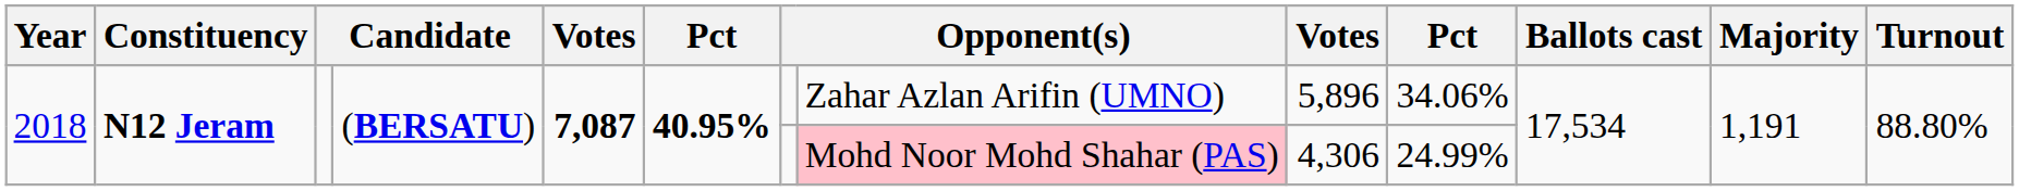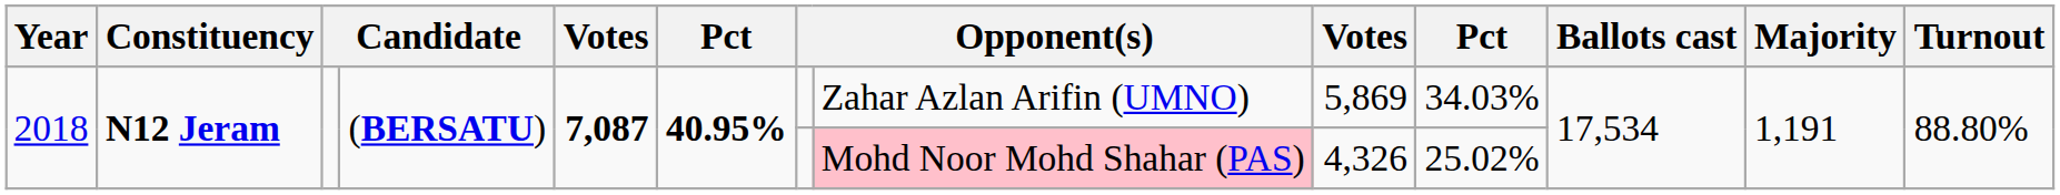 <table class="wikitable" style="margin:0.5em ; font-size:95%">
 <tr>
 <th>Year</th>
 <th>Constituency</th>
 <th colspan=2>Candidate</th>
 <th>Votes</th>
 <th>Pct</th>
 <th colspan=2>Opponent(s)</th>
 <th>Votes</th>
 <th>Pct</th>
 <th>Ballots cast</th>
 <th>Majority</th>
 <th>Turnout</th>
 </tr>
 <tr>
 <td rowspan=2><a href='#'>2018</a></td>
 <td rowspan=2><strong>N12 <a href='#'>Jeram</a></strong></td>
 <td rowspan=2 ></td>
 <td rowspan=2> (<a href='#'><strong>BERSATU</strong></a>)</td>
 <td rowspan=2 align="right"><strong>7,087</strong></td>
 <td rowspan=2><strong>40.95%</strong></td>
 <td></td>
 <td>Zahar Azlan Arifin (<a href='#'>UMNO</a>)</td>
-<td align="right">5,896</td>
-<td>34.06%</td>
+<td align="right">5,869</td>
+<td>34.03%</td>
 <td rowspan=2>17,534</td>
 <td rowspan=2>1,191</td>
 <td rowspan=2>88.80%</td>
 </tr>
 <tr>
 <td></td>
 <td style="background: pink;">Mohd Noor Mohd Shahar (<a href='#'>PAS</a>)</td>
-<td align="right">4,306</td>
-<td>24.99%</td>
+<td align="right">4,326</td>
+<td>25.02%</td>
 </tr>
 </table>
